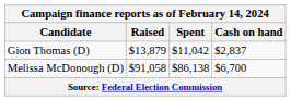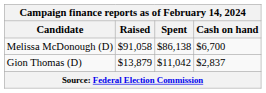 <table class="wikitable sortable">
 <tr>
 <th colspan=4>Campaign finance reports as of February 14, 2024</th>
 </tr>
 <tr style="text-align:center;">
 <th>Candidate</th>
 <th>Raised</th>
 <th>Spent</th>
 <th>Cash on hand</th>
 </tr>
 <tr>
+<td style="color:black;background-color:">Melissa McDonough (D)</td>
+<td>$91,058</td>
+<td>$86,138</td>
+<td>$6,700</td>
+</tr>
+<tr>
 <td style="color:black;background-color:">Gion Thomas (D)</td>
 <td>$13,879</td>
 <td>$11,042</td>
 <td>$2,837</td>
 </tr>
 <tr>
-<td style="color:black;background-color:">Melissa McDonough (D)</td>
-<td>$91,058</td>
-<td>$86,138</td>
-<td>$6,700</td>
-</tr>
-<tr>
 <th colspan="4"><small>Source: <a href='#'>Federal Election Commission</a></small></th>
 </tr>
 </table>
